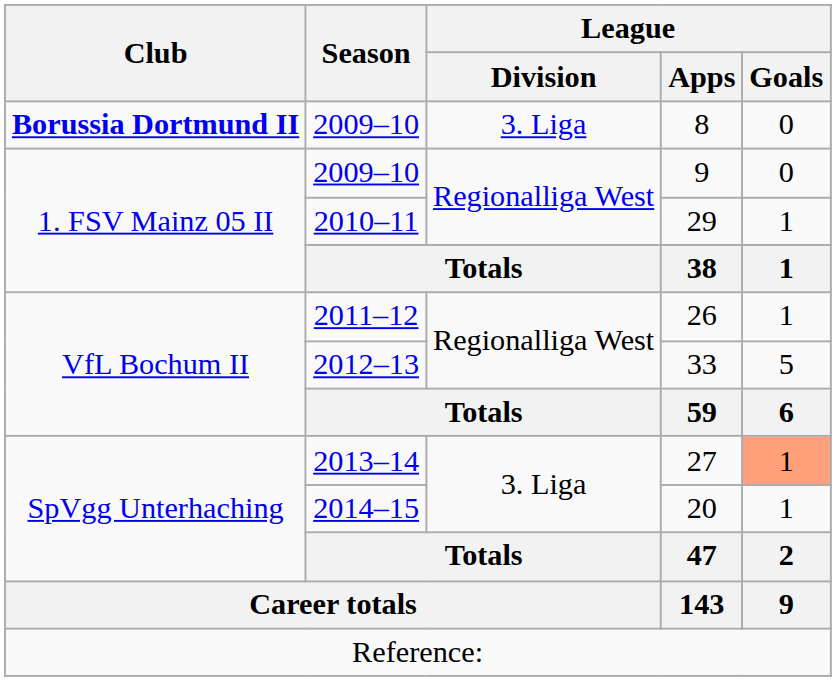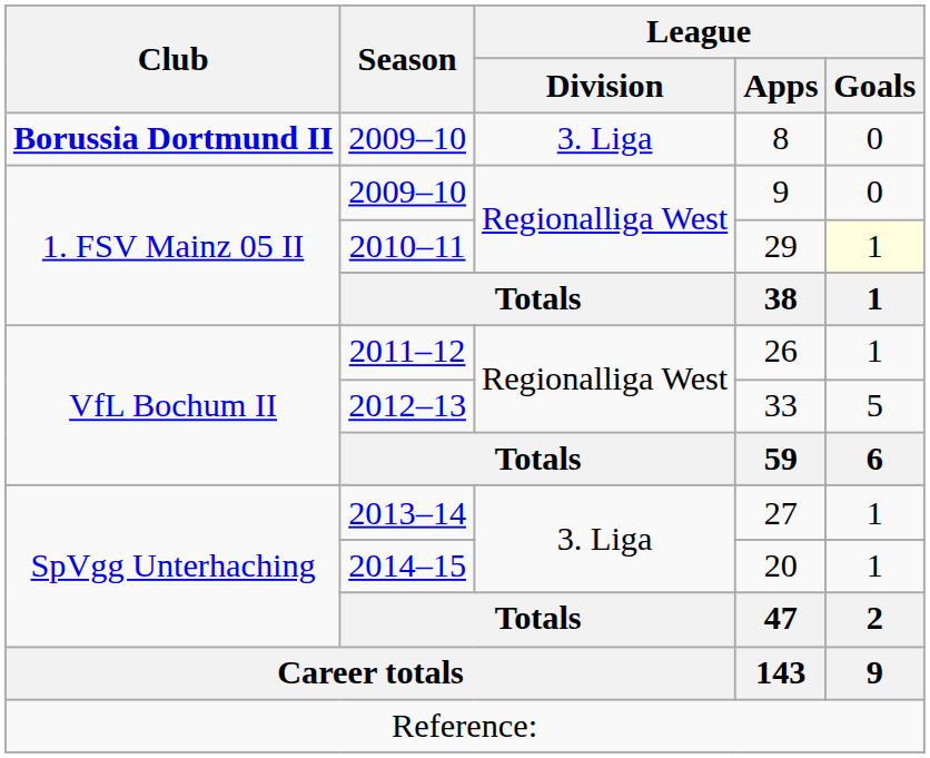 <table class="wikitable" Style="text-align: center">
 <tr>
 <th rowspan="2">Club</th>
 <th rowspan="2">Season</th>
 <th colspan="3">League</th>
 </tr>
 <tr>
 <th>Division</th>
 <th>Apps</th>
 <th>Goals</th>
 </tr>
 <tr>
 <td><strong><a href='#'>Borussia Dortmund II</a></strong></td>
 <td><a href='#'>2009–10</a></td>
 <td><a href='#'>3. Liga</a></td>
 <td>8</td>
 <td>0</td>
 </tr>
 <tr>
 <td rowspan="3"><a href='#'>1. FSV Mainz 05 II</a></td>
 <td><a href='#'>2009–10</a></td>
 <td rowspan="2"><a href='#'>Regionalliga West</a></td>
 <td>9</td>
 <td>0</td>
 </tr>
 <tr>
 <td><a href='#'>2010–11</a></td>
 <td>29</td>
-<td>1</td>
+<td style="background: lightyellow;">1</td>
 </tr>
 <tr>
 <th colspan="2">Totals</th>
 <th>38</th>
 <th>1</th>
 </tr>
 <tr>
 <td rowspan="3"><a href='#'>VfL Bochum II</a></td>
 <td><a href='#'>2011–12</a></td>
 <td rowspan="2">Regionalliga West</td>
 <td>26</td>
 <td>1</td>
 </tr>
 <tr>
 <td><a href='#'>2012–13</a></td>
 <td>33</td>
 <td>5</td>
 </tr>
 <tr>
 <th colspan="2">Totals</th>
 <th>59</th>
 <th>6</th>
 </tr>
 <tr>
 <td rowspan="3"><a href='#'>SpVgg Unterhaching</a></td>
 <td><a href='#'>2013–14</a></td>
 <td rowspan="2">3. Liga</td>
 <td>27</td>
-<td style="background: lightsalmon;">1</td>
+<td>1</td>
 </tr>
 <tr>
 <td><a href='#'>2014–15</a></td>
 <td>20</td>
 <td>1</td>
 </tr>
 <tr>
 <th colspan="2">Totals</th>
 <th>47</th>
 <th>2</th>
 </tr>
 <tr>
 <th colspan="3">Career totals</th>
 <th>143</th>
 <th>9</th>
 </tr>
 <tr>
 <td colspan="5">Reference:</td>
 </tr>
 </table>
